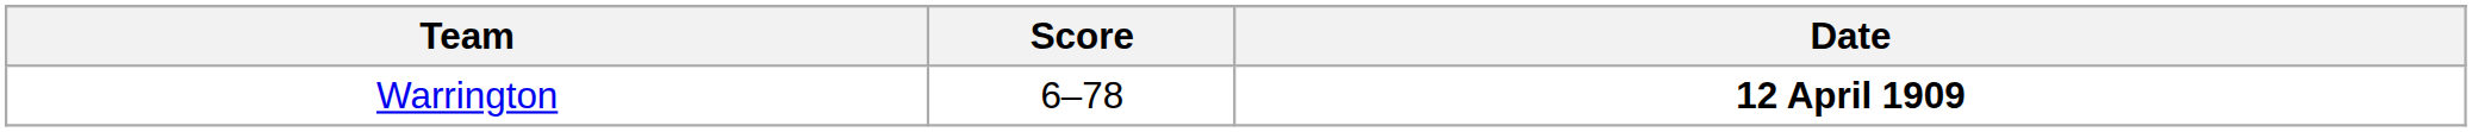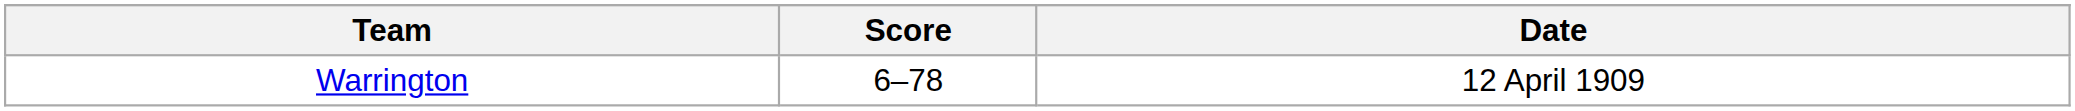 <table class="wikitable sortable" width="75%" style="font-size:90%">
 <tr bgcolor="#efefef">
 </tr>
 <tr bgcolor="#efefef">
 <th width=30%>Team</th>
 <th width=10%>Score</th>
 <th width=40%>Date</th>
 </tr>
 <tr bgcolor=#FFFFFF>
 <td align=center><a href='#'>Warrington</a></td>
 <td align=center>6–78</td>
-<td align=center><strong>12 April 1909</strong></td>
+<td align=center>12 April 1909</td>
 </tr>
 </table>
